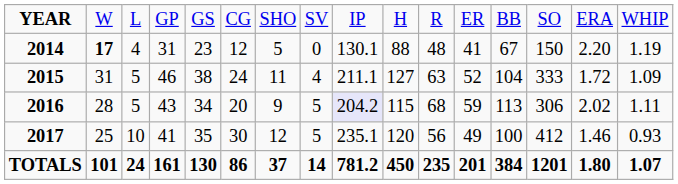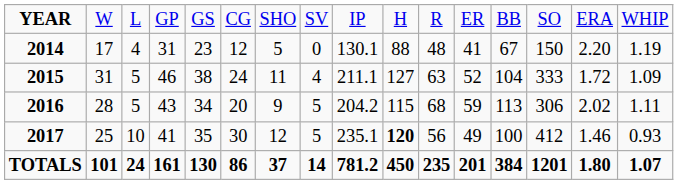 <table class="wikitable">
 <tr align=center>
 <td><strong>YEAR</strong></td>
 <td><a href='#'>W</a></td>
 <td><a href='#'>L</a></td>
 <td><a href='#'>GP</a></td>
 <td><a href='#'>GS</a></td>
 <td><a href='#'>CG</a></td>
 <td><a href='#'>SHO</a></td>
 <td><a href='#'>SV</a></td>
 <td><a href='#'>IP</a></td>
 <td><a href='#'>H</a></td>
 <td><a href='#'>R</a></td>
 <td><a href='#'>ER</a></td>
 <td><a href='#'>BB</a></td>
 <td><a href='#'>SO</a></td>
 <td><a href='#'>ERA</a></td>
 <td><a href='#'>WHIP</a></td>
 </tr>
 <tr align=center>
 <td><strong>2014</strong></td>
-<td><strong>17</strong></td>
+<td>17</td>
 <td>4</td>
 <td>31</td>
 <td>23</td>
 <td>12</td>
 <td>5</td>
 <td>0</td>
 <td>130.1</td>
 <td>88</td>
 <td>48</td>
 <td>41</td>
 <td>67</td>
 <td>150</td>
 <td>2.20</td>
 <td>1.19</td>
 </tr>
 <tr align=center>
 <td><strong>2015</strong></td>
 <td>31</td>
 <td>5</td>
 <td>46</td>
 <td>38</td>
 <td>24</td>
 <td>11</td>
 <td>4</td>
 <td>211.1</td>
 <td>127</td>
 <td>63</td>
 <td>52</td>
 <td>104</td>
 <td>333</td>
 <td>1.72</td>
 <td>1.09</td>
 </tr>
 <tr align=center>
 <td><strong>2016</strong></td>
 <td>28</td>
 <td>5</td>
 <td>43</td>
 <td>34</td>
 <td>20</td>
 <td>9</td>
 <td>5</td>
-<td style="background: lavender;">204.2</td>
+<td>204.2</td>
 <td>115</td>
 <td>68</td>
 <td>59</td>
 <td>113</td>
 <td>306</td>
 <td>2.02</td>
 <td>1.11</td>
 </tr>
 <tr align=center>
 <td><strong>2017</strong></td>
 <td>25</td>
 <td>10</td>
 <td>41</td>
 <td>35</td>
 <td>30</td>
 <td>12</td>
 <td>5</td>
 <td>235.1</td>
-<td>120</td>
+<td><strong>120</strong></td>
 <td>56</td>
 <td>49</td>
 <td>100</td>
 <td>412</td>
 <td>1.46</td>
 <td>0.93</td>
 </tr>
 <tr align=center>
 <td><strong>TOTALS</strong></td>
 <td><strong>101</strong></td>
 <td><strong>24</strong></td>
 <td><strong>161</strong></td>
 <td><strong>130</strong></td>
 <td><strong>86</strong></td>
 <td><strong>37</strong></td>
 <td><strong>14</strong></td>
 <td><strong>781.2</strong></td>
 <td><strong>450</strong></td>
 <td><strong>235</strong></td>
 <td><strong>201</strong></td>
 <td><strong>384</strong></td>
 <td><strong>1201</strong></td>
 <td><strong>1.80</strong></td>
 <td><strong>1.07</strong></td>
 </tr>
 </table>
